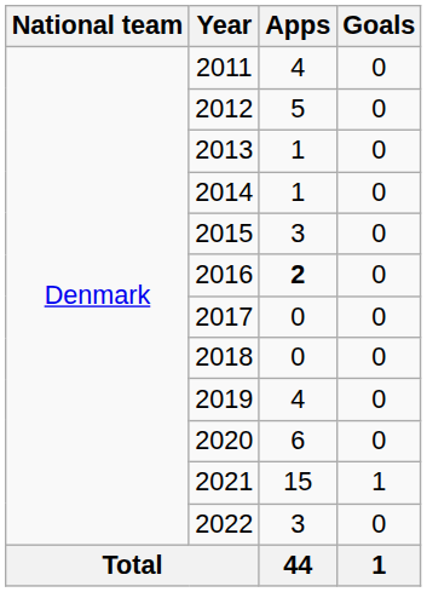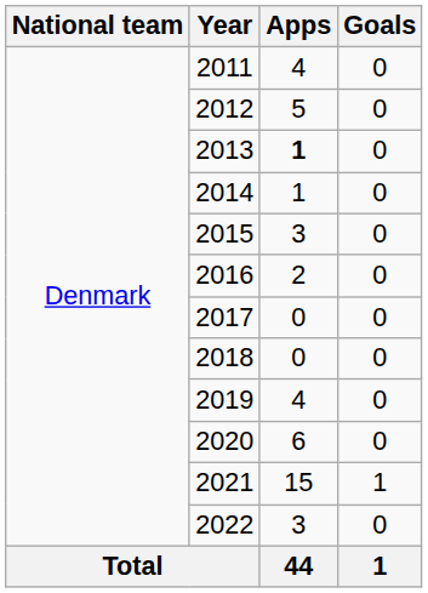 <table class="wikitable" style="text-align:center">
 <tr>
 <th>National team</th>
 <th>Year</th>
 <th>Apps</th>
 <th>Goals</th>
 </tr>
 <tr>
 <td rowspan="12"><a href='#'>Denmark</a></td>
 <td>2011</td>
 <td>4</td>
 <td>0</td>
 </tr>
 <tr>
 <td>2012</td>
 <td>5</td>
 <td>0</td>
 </tr>
 <tr>
 <td>2013</td>
-<td>1</td>
+<td><strong>1</strong></td>
 <td>0</td>
 </tr>
 <tr>
 <td>2014</td>
 <td>1</td>
 <td>0</td>
 </tr>
 <tr>
 <td>2015</td>
 <td>3</td>
 <td>0</td>
 </tr>
 <tr>
 <td>2016</td>
-<td><strong>2</strong></td>
+<td>2</td>
 <td>0</td>
 </tr>
 <tr>
 <td>2017</td>
 <td>0</td>
 <td>0</td>
 </tr>
 <tr>
 <td>2018</td>
 <td>0</td>
 <td>0</td>
 </tr>
 <tr>
 <td>2019</td>
 <td>4</td>
 <td>0</td>
 </tr>
 <tr>
 <td>2020</td>
 <td>6</td>
 <td>0</td>
 </tr>
 <tr>
 <td>2021</td>
 <td>15</td>
 <td>1</td>
 </tr>
 <tr>
 <td>2022</td>
 <td>3</td>
 <td>0</td>
 </tr>
 <tr>
 <th colspan="2">Total</th>
 <th>44</th>
 <th>1</th>
 </tr>
 </table>
